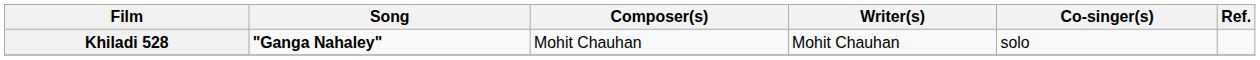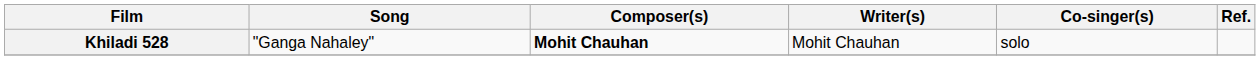 <table class="wikitable plainrowheaders" width="100%" "textcolor:#000;">
 <tr>
 <th scope="col" width=20%><strong>Film</strong></th>
 <th scope="col" width=23%><strong>Song</strong></th>
 <th scope="col" width=21%><strong>Composer(s)</strong></th>
 <th scope="col" width=17%><strong>Writer(s)</strong></th>
 <th scope="col" width=18%><strong>Co-singer(s)</strong></th>
 <th scope="col" width=1%><strong>Ref.</strong></th>
 </tr>
 <tr>
 <th scope="row">Khiladi 528</th>
-<td><strong>"Ganga Nahaley"</strong></td>
-<td>Mohit Chauhan</td>
+<td>"Ganga Nahaley"</td>
+<td><strong>Mohit Chauhan</strong></td>
 <td>Mohit Chauhan</td>
 <td>solo</td>
 <td></td>
 </tr>
 <tr>
 </tr>
 </table>
